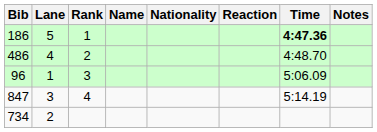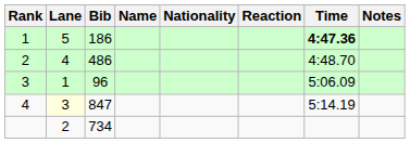 <table class="wikitable sortable" style="text-align:center">
 <tr>
+<th>Rank</th>
+<th>Lane</th>
 <th>Bib</th>
-<th>Lane</th>
-<th>Rank</th>
 <th>Name</th>
 <th>Nationality</th>
 <th>Reaction</th>
 <th>Time</th>
 <th>Notes</th>
 </tr>
 <tr bgcolor=ccffcc>
+<td>1</td>
+<td>5</td>
 <td>186</td>
-<td>5</td>
-<td>1</td>
 <td align=left></td>
 <td align=left></td>
 <td></td>
 <td><strong>4:47.36</strong></td>
 <td><strong></strong></td>
 </tr>
 <tr bgcolor=ccffcc>
+<td>2</td>
+<td>4</td>
 <td>486</td>
-<td>4</td>
-<td>2</td>
 <td align=left></td>
 <td align=left></td>
 <td></td>
 <td>4:48.70</td>
 <td><strong></strong></td>
 </tr>
 <tr bgcolor=ccffcc>
+<td>3</td>
+<td>1</td>
 <td>96</td>
-<td>1</td>
-<td>3</td>
 <td align=left></td>
 <td align=left></td>
 <td></td>
 <td>5:06.09</td>
 <td><strong></strong></td>
 </tr>
 <tr>
+<td>4</td>
+<td style="background: lightyellow;">3</td>
 <td>847</td>
-<td>3</td>
-<td>4</td>
 <td align=left></td>
 <td align=left></td>
 <td></td>
 <td>5:14.19</td>
 <td></td>
 </tr>
 <tr>
+<td></td>
+<td>2</td>
 <td>734</td>
-<td>2</td>
-<td></td>
 <td align=left></td>
 <td align=left></td>
 <td></td>
 <td></td>
 <td><strong></strong></td>
 </tr>
 </table>
